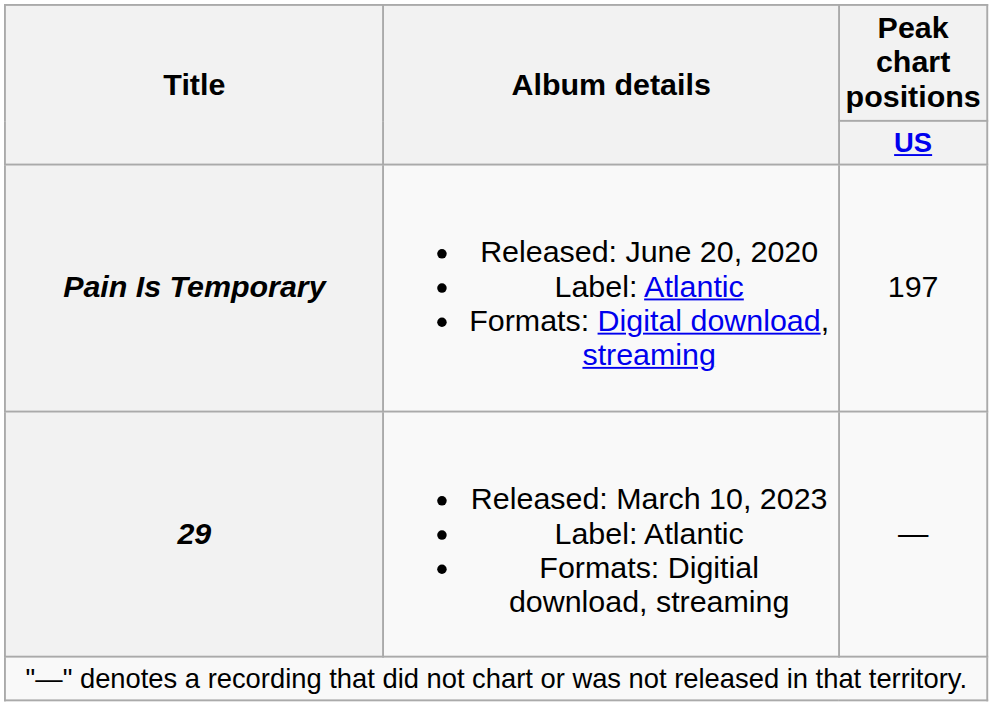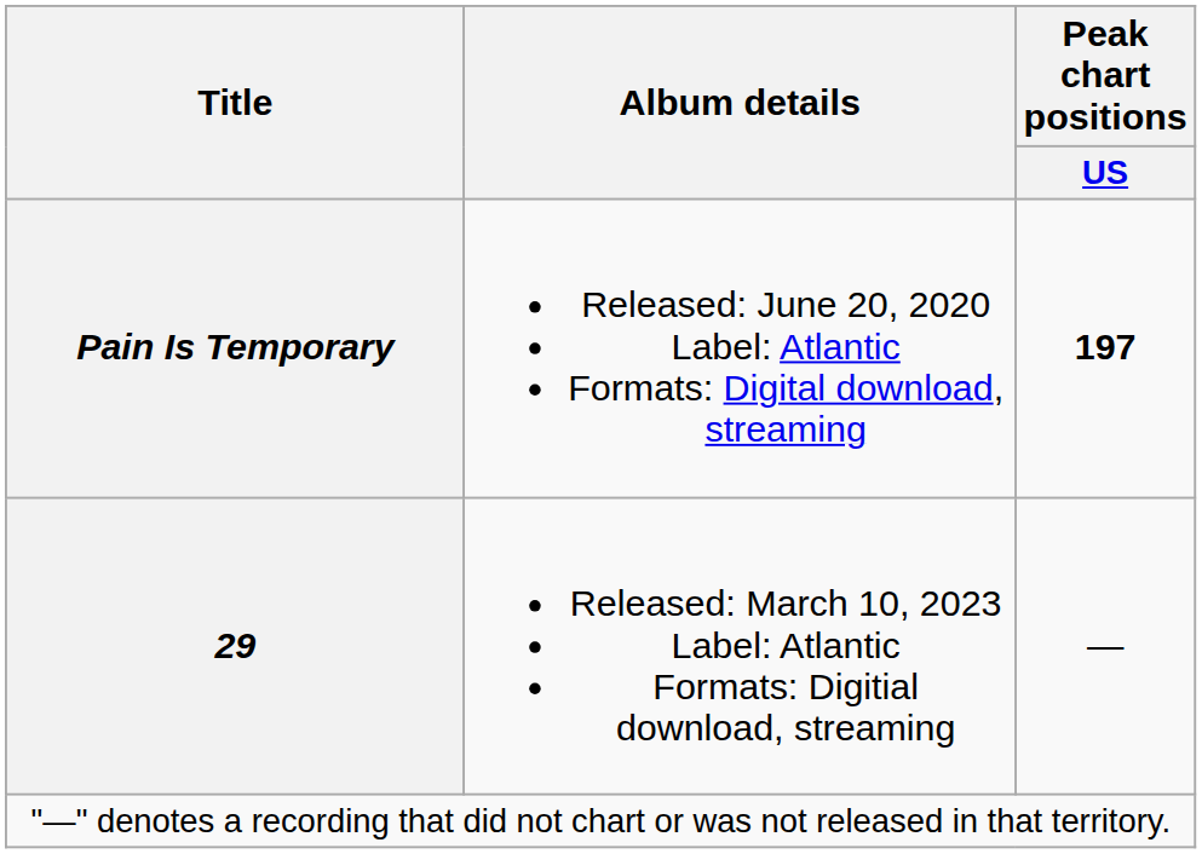 <table class="wikitable plainrowheaders" style="text-align:center;">
 <tr>
 <th scope="col" rowspan="2" style="width:12em;">Title</th>
 <th scope="col" rowspan="2" style="width:14.5em;">Album details</th>
 <th scope="col" colspan="10">Peak chart positions</th>
 </tr>
 <tr>
 <th scope="col" style="width:3em;font-size:90%;"><a href='#'>US</a></th>
 </tr>
 <tr>
 <th scope="row"><em>Pain Is Temporary</em></th>
 <td><br><ul><li>Released: June 20, 2020</li><li>Label: <a href='#'>Atlantic</a></li><li>Formats: <a href='#'>Digital download</a>, <a href='#'>streaming</a></li></ul></td>
-<td>197</td>
+<td><strong>197</strong></td>
 </tr>
 <tr>
 <th scope="row"><em>29</em></th>
 <td><br><ul><li>Released: March 10, 2023</li><li>Label: Atlantic</li><li>Formats: Digitial download, streaming</li></ul></td>
 <td>—</td>
 </tr>
 <tr>
 <td colspan="4" style="font-size:90%">"—" denotes a recording that did not chart or was not released in that territory.</td>
 </tr>
 </table>
